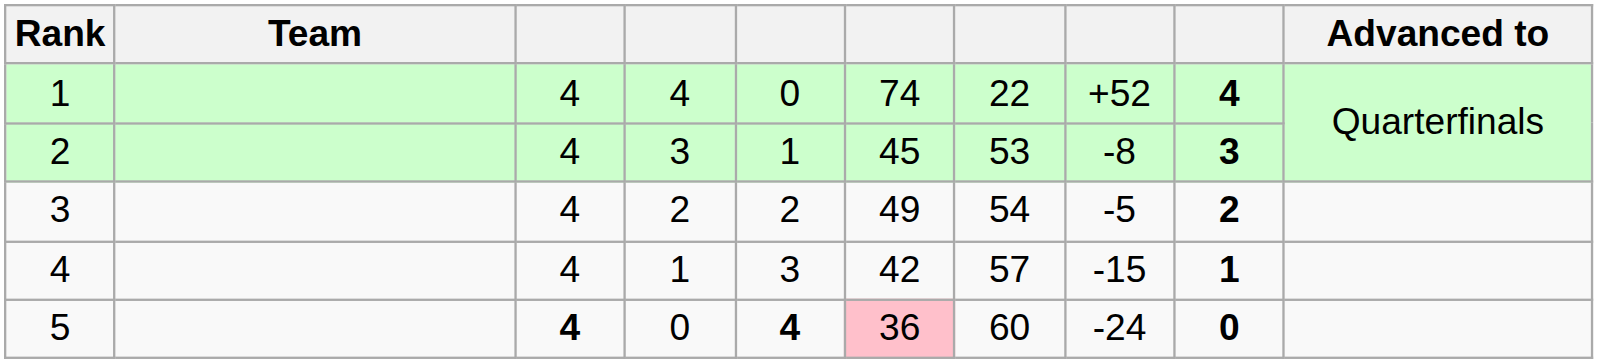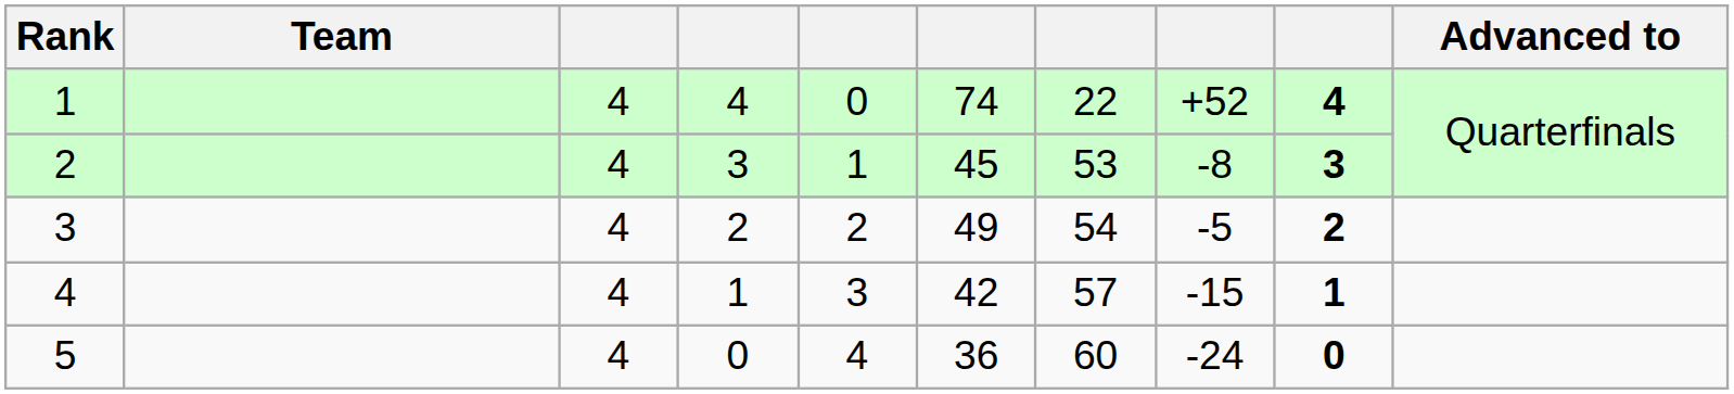 <table class="wikitable" style="text-align:center;">
 <tr>
 <th width=40>Rank</th>
 <th width=165>Team</th>
 <th width=40></th>
 <th width=40></th>
 <th width=40></th>
 <th width=40></th>
 <th width=40></th>
 <th width=40></th>
 <th width=40></th>
 <th width=125>Advanced to</th>
 </tr>
 <tr style="background:#cfc">
 <td>1</td>
 <td style="text-align:left;"></td>
 <td>4</td>
 <td>4</td>
 <td>0</td>
 <td>74</td>
 <td>22</td>
 <td>+52</td>
 <td><strong>4</strong></td>
 <td rowspan="2">Quarterfinals</td>
 </tr>
 <tr style="background:#cfc">
 <td>2</td>
 <td style="text-align:left;"></td>
 <td>4</td>
 <td>3</td>
 <td>1</td>
 <td>45</td>
 <td>53</td>
 <td>-8</td>
 <td><strong>3</strong></td>
 </tr>
 <tr>
 <td>3</td>
 <td style="text-align:left;"></td>
 <td>4</td>
 <td>2</td>
 <td>2</td>
 <td>49</td>
 <td>54</td>
 <td>-5</td>
 <td><strong>2</strong></td>
 <td></td>
 </tr>
 <tr>
 <td>4</td>
 <td style="text-align:left;"></td>
 <td>4</td>
 <td>1</td>
 <td>3</td>
 <td>42</td>
 <td>57</td>
 <td>-15</td>
 <td><strong>1</strong></td>
 <td></td>
 </tr>
 <tr>
 <td>5</td>
 <td style="text-align:left;"></td>
-<td><strong>4</strong></td>
+<td>4</td>
 <td>0</td>
-<td><strong>4</strong></td>
-<td style="background: pink;">36</td>
+<td>4</td>
+<td>36</td>
 <td>60</td>
 <td>-24</td>
 <td><strong>0</strong></td>
 <td></td>
 </tr>
 </table>
